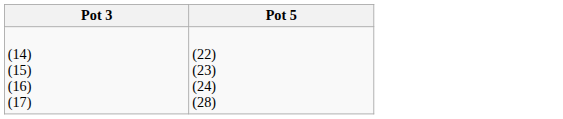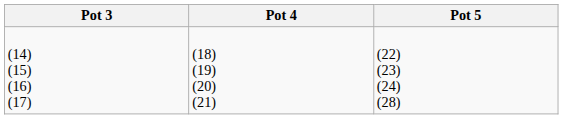 <table class="wikitable">
 <tr>
 <th width=200>Pot 3</th>
+<th width=200>Pot 4</th>
 <th width=200>Pot 5</th>
 </tr>
 <tr>
 <td><br> (14)<br>  (15)<br>  (16)<br>  (17)</td>
+<td><br> (18)<br>  (19)<br>  (20)<br>  (21)</td>
 <td><br> (22)<br>  (23)<br>  (24)<br>  (28)</td>
 </tr>
 </table>
